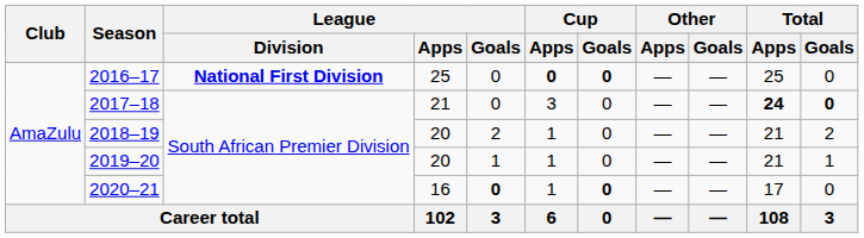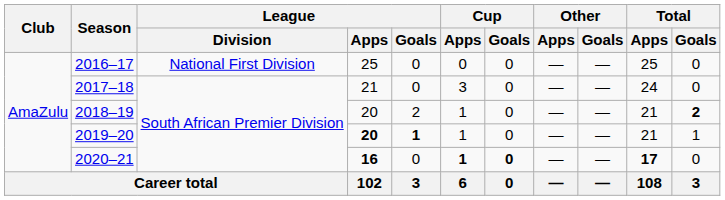 <table class=wikitable style=text-align:center>
 <tr>
 <th rowspan=2>Club</th>
 <th rowspan=2>Season</th>
 <th colspan=3>League</th>
 <th colspan=2>Cup</th>
 <th colspan=2>Other</th>
 <th colspan=2>Total</th>
 </tr>
 <tr>
 <th>Division</th>
 <th>Apps</th>
 <th>Goals</th>
 <th>Apps</th>
 <th>Goals</th>
 <th>Apps</th>
 <th>Goals</th>
 <th>Apps</th>
 <th>Goals</th>
 </tr>
 <tr>
 <td rowspan=5><a href='#'>AmaZulu</a></td>
 <td><a href='#'>2016–17</a></td>
-<td><strong><a href='#'>National First Division</a></strong></td>
+<td><a href='#'>National First Division</a></td>
 <td>25</td>
 <td>0</td>
-<td><strong>0</strong></td>
-<td><strong>0</strong></td>
+<td>0</td>
+<td>0</td>
 <td>—</td>
 <td>—</td>
 <td>25</td>
 <td>0</td>
 </tr>
 <tr>
 <td><a href='#'>2017–18</a></td>
 <td rowspan=4><a href='#'>South African Premier Division</a></td>
 <td>21</td>
 <td>0</td>
 <td>3</td>
 <td>0</td>
 <td>—</td>
 <td>—</td>
-<td><strong>24</strong></td>
-<td><strong>0</strong></td>
+<td>24</td>
+<td>0</td>
 </tr>
 <tr>
 <td><a href='#'>2018–19</a></td>
 <td>20</td>
 <td>2</td>
 <td>1</td>
 <td>0</td>
 <td>—</td>
 <td>—</td>
 <td>21</td>
-<td>2</td>
+<td><strong>2</strong></td>
 </tr>
 <tr>
 <td><a href='#'>2019–20</a></td>
-<td>20</td>
-<td>1</td>
+<td><strong>20</strong></td>
+<td><strong>1</strong></td>
 <td>1</td>
 <td>0</td>
 <td>—</td>
 <td>—</td>
 <td>21</td>
 <td>1</td>
 </tr>
 <tr>
 <td><a href='#'>2020–21</a></td>
-<td>16</td>
-<td><strong>0</strong></td>
-<td>1</td>
+<td><strong>16</strong></td>
+<td>0</td>
+<td><strong>1</strong></td>
 <td><strong>0</strong></td>
 <td>—</td>
 <td>—</td>
-<td>17</td>
+<td><strong>17</strong></td>
 <td>0</td>
 </tr>
 <tr>
 <th colspan=3>Career total</th>
 <th>102</th>
 <th>3</th>
 <th>6</th>
 <th>0</th>
 <th>—</th>
 <th>—</th>
 <th>108</th>
 <th>3</th>
 </tr>
 </table>
